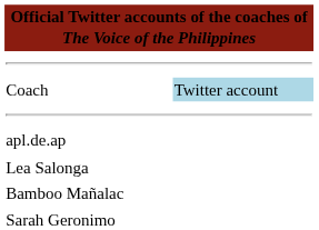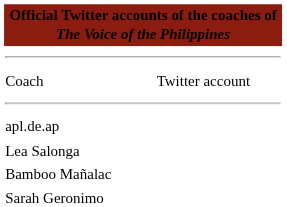 <table class="toccolours" style="width: 20em; float:right; margin-left:1em; font-size:83%; line-height:1.3em; width:250px;">
 <tr>
 <th colspan="2" style="text-align: center;background-color:#8b1c10;"><span><strong>Official Twitter accounts of the coaches of <em>The Voice of the Philippines<strong><em></span></th>
 </tr>
 <tr>
 <td colspan="2"><hr></td>
 </tr>
 <tr>
 <td scope="col" width="130"></strong>Coach<strong></td>
-<td style="background: lightblue;"></strong>Twitter account<strong></td>
+<td></strong>Twitter account<strong></td>
 </tr>
 <tr>
 <td colspan="2"><hr></td>
 </tr>
 <tr>
 <td>apl.de.ap</td>
 <td></td>
 </tr>
 <tr>
 <td>Lea Salonga</td>
 <td></td>
 </tr>
 <tr>
 <td>Bamboo Mañalac</td>
 <td></td>
 </tr>
 <tr>
 <td>Sarah Geronimo</td>
 <td></td>
 </tr>
 <tr>
 </tr>
 </table>
